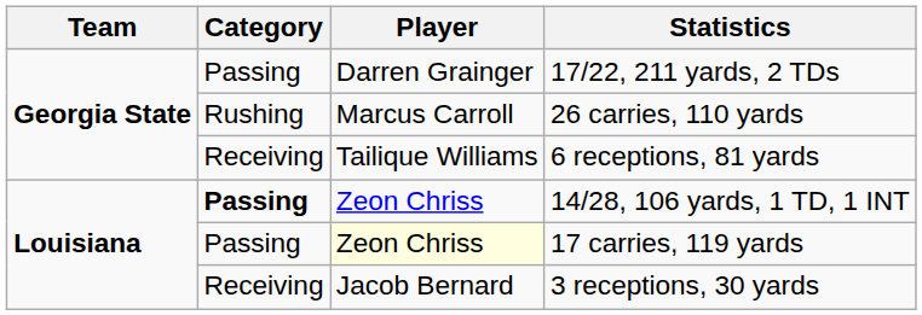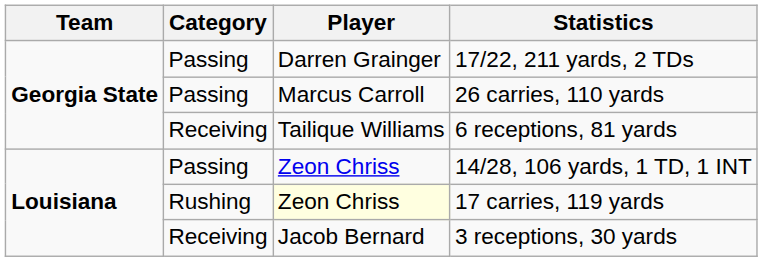 <table class="wikitable" style="float: right;">
 <tr>
 <th>Team</th>
 <th>Category</th>
 <th>Player</th>
 <th>Statistics</th>
 </tr>
 <tr>
 <td rowspan=3><strong>Georgia State</strong></td>
 <td>Passing</td>
 <td>Darren Grainger</td>
 <td>17/22, 211 yards, 2 TDs</td>
 </tr>
 <tr>
-<td>Rushing</td>
+<td>Passing</td>
 <td>Marcus Carroll</td>
 <td>26 carries, 110 yards</td>
 </tr>
 <tr>
 <td>Receiving</td>
 <td>Tailique Williams</td>
 <td>6 receptions, 81 yards</td>
 </tr>
 <tr>
 <td rowspan=3><strong>Louisiana</strong></td>
-<td><strong>Passing</strong></td>
+<td>Passing</td>
 <td><a href='#'>Zeon Chriss</a></td>
 <td>14/28, 106 yards, 1 TD, 1 INT</td>
 </tr>
 <tr>
-<td>Passing</td>
+<td>Rushing</td>
 <td style="background: lightyellow;">Zeon Chriss</td>
 <td>17 carries, 119 yards</td>
 </tr>
 <tr>
 <td>Receiving</td>
 <td>Jacob Bernard</td>
 <td>3 receptions, 30 yards</td>
 </tr>
 </table>
